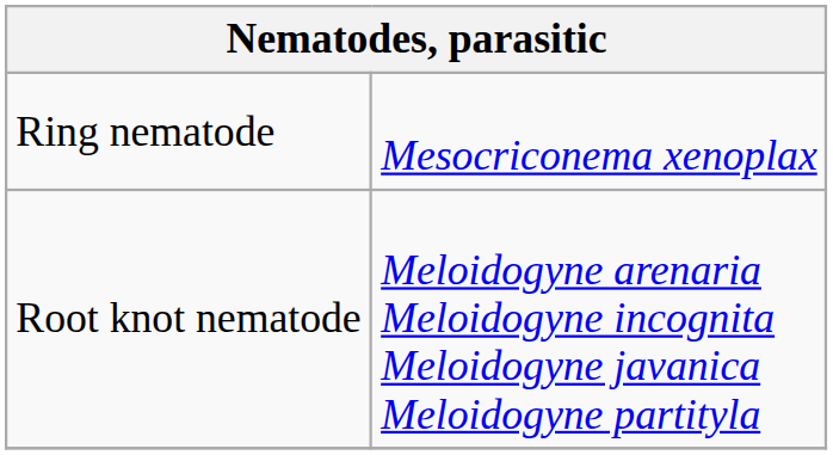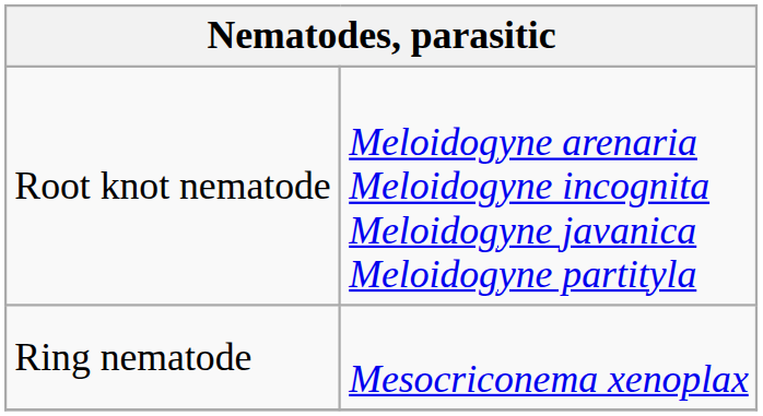 <table class="wikitable" style="clear">
 <tr>
 <th colspan=2><strong>Nematodes, parasitic</strong><br></th>
+</tr>
+<tr>
+<td>Root knot nematode</td>
+<td><br><em><a href='#'>Meloidogyne arenaria</a></em><br> <em><a href='#'>Meloidogyne incognita</a></em><br> <em><a href='#'>Meloidogyne javanica</a></em><br> <em><a href='#'>Meloidogyne partityla</a></em></td>
 </tr>
 <tr>
 <td>Ring nematode</td>
 <td><br><em><a href='#'>Mesocriconema xenoplax</a></em></td>
 </tr>
 <tr>
-<td>Root knot nematode</td>
-<td><br><em><a href='#'>Meloidogyne arenaria</a></em><br> <em><a href='#'>Meloidogyne incognita</a></em><br> <em><a href='#'>Meloidogyne javanica</a></em><br> <em><a href='#'>Meloidogyne partityla</a></em></td>
-</tr>
-<tr>
 </tr>
 </table>
